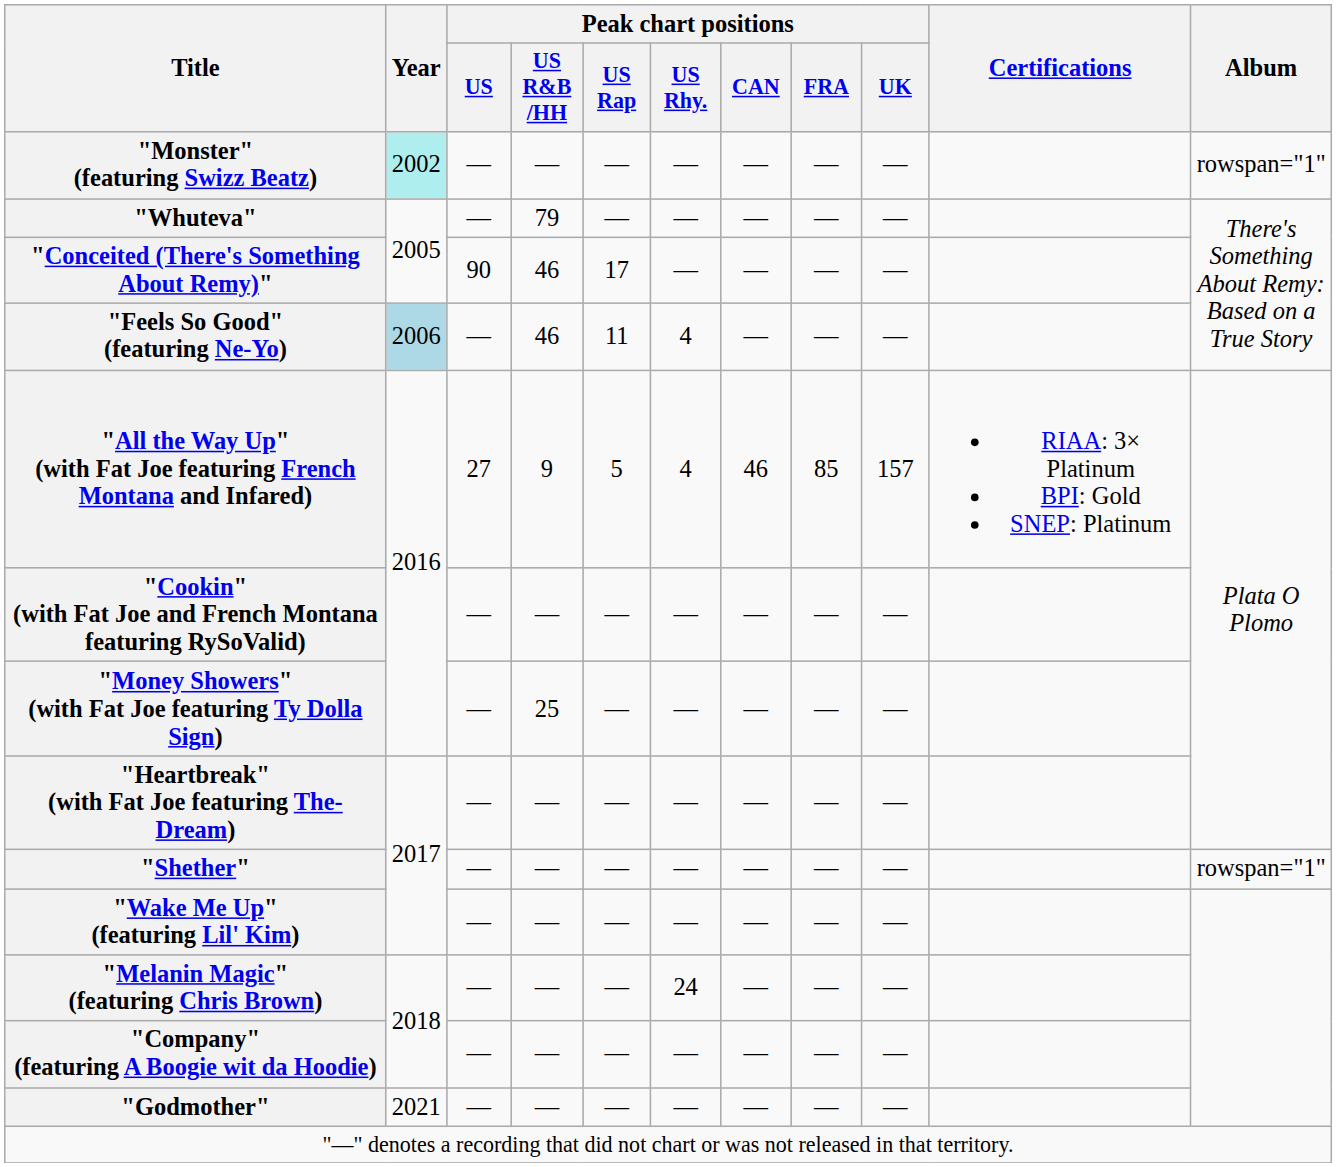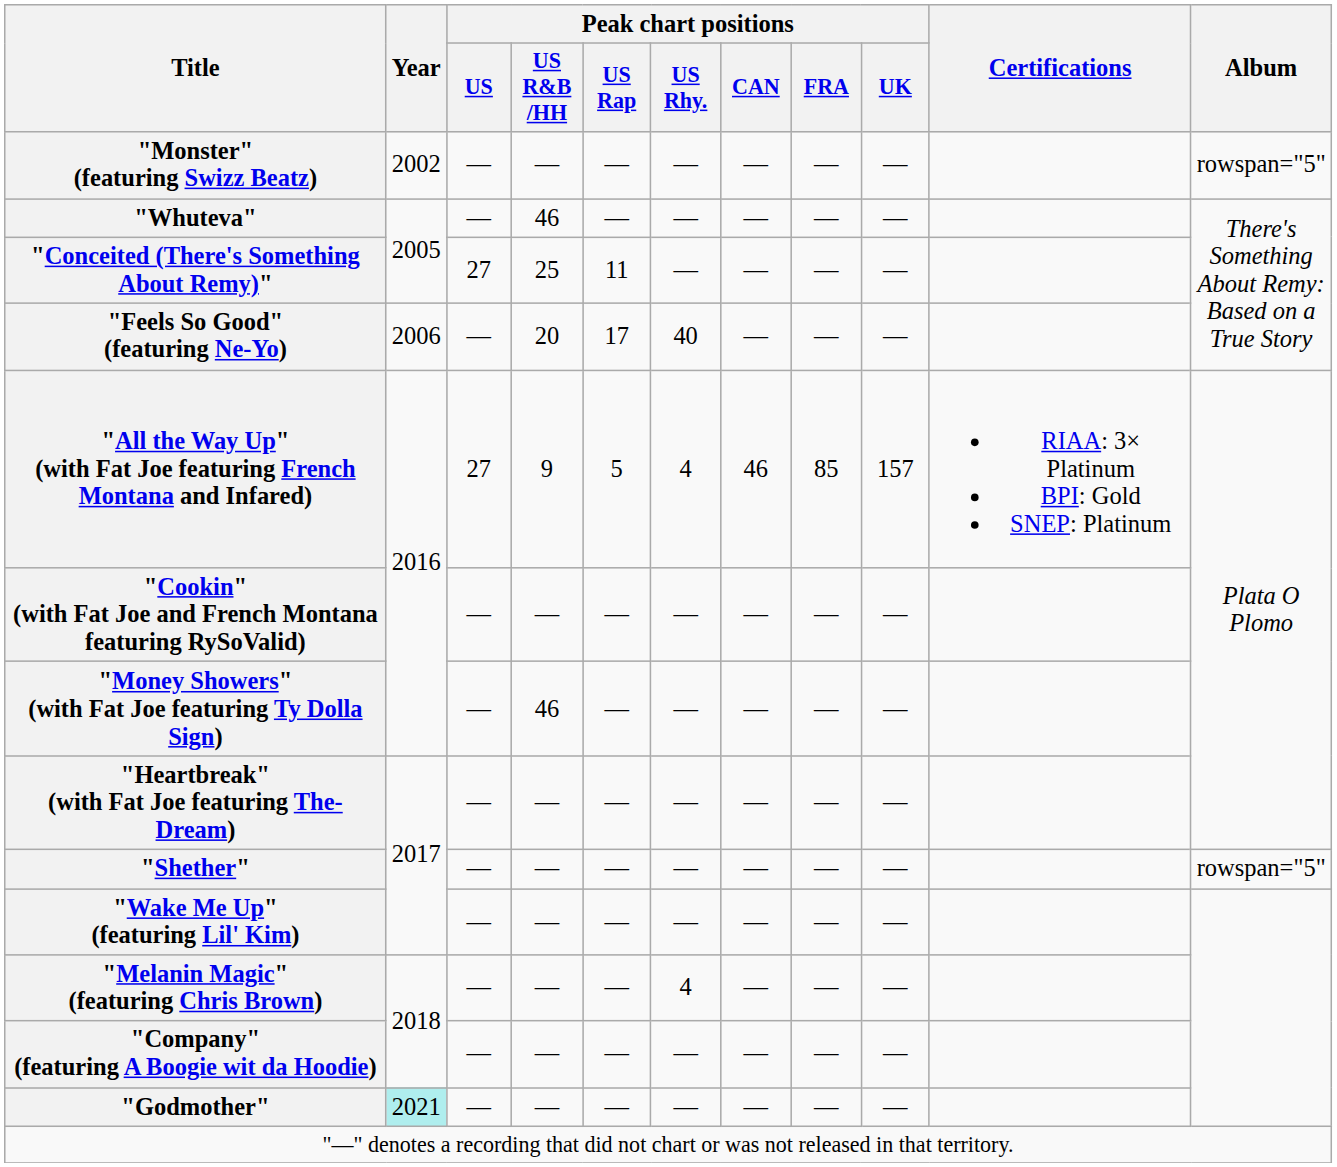 <table class="wikitable plainrowheaders" style="text-align:center;">
 <tr>
 <th scope="col" rowspan="2" style="width:19em;">Title</th>
 <th scope="col" rowspan="2">Year</th>
 <th colspan="7" scope="col">Peak chart positions</th>
 <th scope="col" rowspan="2" style="width:12em;"><a href='#'>Certifications</a></th>
 <th scope="col" rowspan="2">Album</th>
 </tr>
 <tr>
 <th scope="col" style="width:3em;font-size:90%;"><a href='#'>US</a><br></th>
 <th scope="col" style="width:3em;font-size:90%;"><a href='#'>US<br>R&B<br>/HH</a><br></th>
 <th scope="col" style="width:3em;font-size:90%;"><a href='#'>US<br>Rap</a><br></th>
 <th scope="col" style="width:3em;font-size:90%;"><a href='#'>US<br>Rhy.</a><br></th>
 <th scope="col" style="width:3em;font-size:90%;"><a href='#'>CAN</a><br></th>
 <th scope="col" style="width:3em;font-size:90%;"><a href='#'>FRA</a><br></th>
 <th scope="col" style="width:3em;font-size:90%;"><a href='#'>UK</a><br></th>
 </tr>
 <tr>
 <th scope="row">"Monster"<br><span>(featuring <a href='#'>Swizz Beatz</a>)</span></th>
-<td style="background: paleturquoise;">2002</td>
+<td>2002</td>
 <td>—</td>
 <td>—</td>
 <td>—</td>
 <td>—</td>
 <td>—</td>
 <td>—</td>
 <td>—</td>
 <td></td>
-<td>rowspan="1"  </td>
+<td>rowspan="5"  </td>
 </tr>
 <tr>
 <th scope="row">"Whuteva"</th>
 <td rowspan="2">2005</td>
 <td>—</td>
-<td>79</td>
+<td>46</td>
 <td>—</td>
 <td>—</td>
 <td>—</td>
 <td>—</td>
 <td>—</td>
 <td></td>
 <td rowspan="3"><em>There's Something About Remy: Based on a True Story</em></td>
 </tr>
 <tr>
 <th scope="row">"<a href='#'>Conceited (There's Something About Remy)</a>"</th>
-<td>90</td>
-<td>46</td>
-<td>17</td>
+<td>27</td>
+<td>25</td>
+<td>11</td>
 <td>—</td>
 <td>—</td>
 <td>—</td>
 <td>—</td>
 <td></td>
 </tr>
 <tr>
 <th scope="row">"Feels So Good" <br><span>(featuring <a href='#'>Ne-Yo</a>)</span></th>
-<td style="background: lightblue;">2006</td>
+<td>2006</td>
 <td>—</td>
-<td>46</td>
-<td>11</td>
-<td>4</td>
+<td>20</td>
+<td>17</td>
+<td>40</td>
 <td>—</td>
 <td>—</td>
 <td>—</td>
 <td></td>
 </tr>
 <tr>
 <th scope="row">"<a href='#'>All the Way Up</a>" <br><span>(with Fat Joe featuring <a href='#'>French Montana</a> and Infared)</span></th>
 <td rowspan="3">2016</td>
 <td>27</td>
 <td>9</td>
 <td>5</td>
 <td>4</td>
 <td>46</td>
 <td>85</td>
 <td>157</td>
 <td><br><ul><li><a href='#'>RIAA</a>: 3× Platinum</li><li><a href='#'>BPI</a>: Gold</li><li><a href='#'>SNEP</a>: Platinum</li></ul></td>
 <td rowspan="4"><em>Plata O Plomo</em></td>
 </tr>
 <tr>
 <th scope="row">"<a href='#'>Cookin</a>" <br><span>(with Fat Joe and French Montana featuring RySoValid)</span></th>
 <td>—</td>
 <td>—</td>
 <td>—</td>
 <td>—</td>
 <td>—</td>
 <td>—</td>
 <td>—</td>
 <td></td>
 </tr>
 <tr>
 <th scope="row">"<a href='#'>Money Showers</a>" <br><span>(with Fat Joe featuring <a href='#'>Ty Dolla Sign</a>)</span></th>
 <td>—</td>
-<td>25</td>
+<td>46</td>
 <td>—</td>
 <td>—</td>
 <td>—</td>
 <td>—</td>
 <td>—</td>
 <td></td>
 </tr>
 <tr>
 <th scope="row">"Heartbreak" <br><span>(with Fat Joe featuring <a href='#'>The-Dream</a>)</span></th>
 <td rowspan="3">2017</td>
 <td>—</td>
 <td>—</td>
 <td>—</td>
 <td>—</td>
 <td>—</td>
 <td>—</td>
 <td>—</td>
 <td></td>
 </tr>
 <tr>
 <th scope="row">"<a href='#'>Shether</a>"</th>
 <td>—</td>
 <td>—</td>
 <td>—</td>
 <td>—</td>
 <td>—</td>
 <td>—</td>
 <td>—</td>
 <td></td>
-<td>rowspan="1"  </td>
+<td>rowspan="5"  </td>
 </tr>
 <tr>
 <th scope="row">"<a href='#'>Wake Me Up</a>"<br><span>(featuring <a href='#'>Lil' Kim</a>)</span></th>
 <td>—</td>
 <td>—</td>
 <td>—</td>
 <td>—</td>
 <td>—</td>
 <td>—</td>
 <td>—</td>
 <td></td>
 </tr>
 <tr>
 <th scope="row">"<a href='#'>Melanin Magic</a>"<br><span>(featuring <a href='#'>Chris Brown</a>)</span></th>
 <td rowspan="2">2018</td>
 <td>—</td>
 <td>—</td>
 <td>—</td>
-<td>24</td>
+<td>4</td>
 <td>—</td>
 <td>—</td>
 <td>—</td>
 <td></td>
 </tr>
 <tr>
 <th scope="row">"Company"<br><span>(featuring <a href='#'>A Boogie wit da Hoodie</a>)</span></th>
 <td>—</td>
 <td>—</td>
 <td>—</td>
 <td>—</td>
 <td>—</td>
 <td>—</td>
 <td>—</td>
 <td></td>
 </tr>
 <tr>
 <th scope="row">"Godmother"</th>
-<td>2021</td>
+<td style="background: paleturquoise;">2021</td>
 <td>—</td>
 <td>—</td>
 <td>—</td>
 <td>—</td>
 <td>—</td>
 <td>—</td>
 <td>—</td>
 <td></td>
 </tr>
 <tr>
 <td colspan="18" style="font-size:90%">"—" denotes a recording that did not chart or was not released in that territory.</td>
 </tr>
 </table>
